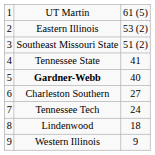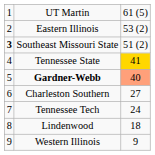 <table class="wikitable">
 <tr align="center">
 <td>1</td>
 <td>UT Martin</td>
 <td>61 (5)</td>
 </tr>
 <tr align="center">
 <td>2</td>
 <td>Eastern Illinois</td>
 <td>53 (2)</td>
 </tr>
 <tr align="center">
-<td>3</td>
+<td><strong>3</strong></td>
 <td>Southeast Missouri State</td>
 <td>51 (2)</td>
 </tr>
 <tr align="center">
 <td>4</td>
 <td>Tennessee State</td>
-<td>41</td>
+<td style="background: gold;">41</td>
 </tr>
 <tr align="center">
 <td>5</td>
 <td><strong>Gardner-Webb</strong></td>
-<td>40</td>
+<td style="background: lightsalmon;">40</td>
 </tr>
 <tr align="center">
 <td>6</td>
 <td>Charleston Southern</td>
 <td>27</td>
 </tr>
 <tr align="center">
 <td>7</td>
 <td>Tennessee Tech</td>
 <td>24</td>
 </tr>
 <tr align="center">
 <td>8</td>
 <td>Lindenwood</td>
 <td>18</td>
 </tr>
 <tr align="center">
 <td>9</td>
 <td>Western Illinois</td>
 <td>9</td>
 </tr>
 </table>
